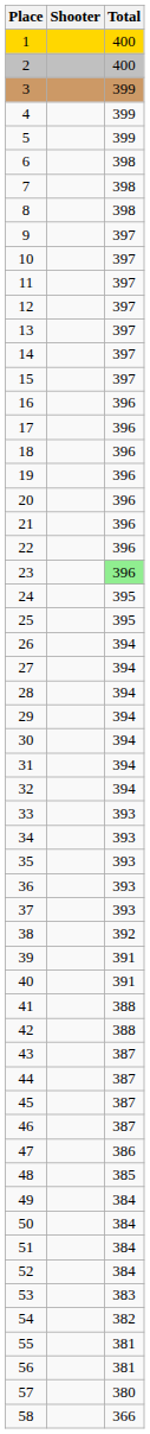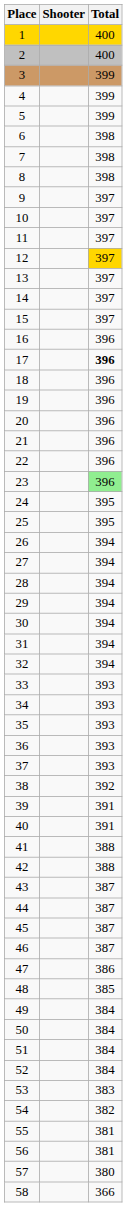 <table class=wikitable style="text-align:center">
 <tr>
 <th>Place</th>
 <th>Shooter</th>
 <th>Total</th>
 </tr>
 <tr align=center bgcolor=gold>
 <td>1</td>
 <td align=left></td>
 <td>400</td>
 </tr>
 <tr align=center bgcolor=silver>
 <td>2</td>
 <td align=left></td>
 <td>400</td>
 </tr>
 <tr align=center bgcolor=cc9966>
 <td>3</td>
 <td align=left></td>
 <td>399</td>
 </tr>
 <tr>
 <td>4</td>
 <td align=left></td>
 <td>399</td>
 </tr>
 <tr>
 <td>5</td>
 <td align=left></td>
 <td>399</td>
 </tr>
 <tr>
 <td>6</td>
 <td align=left></td>
 <td>398</td>
 </tr>
 <tr>
 <td>7</td>
 <td align=left></td>
 <td>398</td>
 </tr>
 <tr>
 <td>8</td>
 <td align=left></td>
 <td>398</td>
 </tr>
 <tr>
 <td>9</td>
 <td align=left></td>
 <td>397</td>
 </tr>
 <tr>
 <td>10</td>
 <td align=left></td>
 <td>397</td>
 </tr>
 <tr>
 <td>11</td>
 <td align=left></td>
 <td>397</td>
 </tr>
 <tr>
 <td>12</td>
 <td align=left></td>
-<td>397</td>
+<td style="background: gold;">397</td>
 </tr>
 <tr>
 <td>13</td>
 <td align=left></td>
 <td>397</td>
 </tr>
 <tr>
 <td>14</td>
 <td align=left></td>
 <td>397</td>
 </tr>
 <tr>
 <td>15</td>
 <td align=left></td>
 <td>397</td>
 </tr>
 <tr>
 <td>16</td>
 <td align=left></td>
 <td>396</td>
 </tr>
 <tr>
 <td>17</td>
 <td align=left></td>
-<td>396</td>
+<td><strong>396</strong></td>
 </tr>
 <tr>
 <td>18</td>
 <td align=left></td>
 <td>396</td>
 </tr>
 <tr>
 <td>19</td>
 <td align=left></td>
 <td>396</td>
 </tr>
 <tr>
 <td>20</td>
 <td align=left></td>
 <td>396</td>
 </tr>
 <tr>
 <td>21</td>
 <td align=left></td>
 <td>396</td>
 </tr>
 <tr>
 <td>22</td>
 <td align=left></td>
 <td>396</td>
 </tr>
 <tr>
 <td>23</td>
 <td align=left></td>
 <td style="background: lightgreen;">396</td>
 </tr>
 <tr>
 <td>24</td>
 <td align=left></td>
 <td>395</td>
 </tr>
 <tr>
 <td>25</td>
 <td align=left></td>
 <td>395</td>
 </tr>
 <tr>
 <td>26</td>
 <td align=left></td>
 <td>394</td>
 </tr>
 <tr>
 <td>27</td>
 <td align=left></td>
 <td>394</td>
 </tr>
 <tr>
 <td>28</td>
 <td align=left></td>
 <td>394</td>
 </tr>
 <tr>
 <td>29</td>
 <td align=left></td>
 <td>394</td>
 </tr>
 <tr>
 <td>30</td>
 <td align=left></td>
 <td>394</td>
 </tr>
 <tr>
 <td>31</td>
 <td align=left></td>
 <td>394</td>
 </tr>
 <tr>
 <td>32</td>
 <td align=left></td>
 <td>394</td>
 </tr>
 <tr>
 <td>33</td>
 <td align=left></td>
 <td>393</td>
 </tr>
 <tr>
 <td>34</td>
 <td align=left></td>
 <td>393</td>
 </tr>
 <tr>
 <td>35</td>
 <td align=left></td>
 <td>393</td>
 </tr>
 <tr>
 <td>36</td>
 <td align=left></td>
 <td>393</td>
 </tr>
 <tr>
 <td>37</td>
 <td align=left></td>
 <td>393</td>
 </tr>
 <tr>
 <td>38</td>
 <td align=left></td>
 <td>392</td>
 </tr>
 <tr>
 <td>39</td>
 <td align=left></td>
 <td>391</td>
 </tr>
 <tr>
 <td>40</td>
 <td align=left></td>
 <td>391</td>
 </tr>
 <tr>
 <td>41</td>
 <td align=left></td>
 <td>388</td>
 </tr>
 <tr>
 <td>42</td>
 <td align=left></td>
 <td>388</td>
 </tr>
 <tr>
 <td>43</td>
 <td align=left></td>
 <td>387</td>
 </tr>
 <tr>
 <td>44</td>
 <td align=left></td>
 <td>387</td>
 </tr>
 <tr>
 <td>45</td>
 <td align=left></td>
 <td>387</td>
 </tr>
 <tr>
 <td>46</td>
 <td align=left></td>
 <td>387</td>
 </tr>
 <tr>
 <td>47</td>
 <td align=left></td>
 <td>386</td>
 </tr>
 <tr>
 <td>48</td>
 <td align=left></td>
 <td>385</td>
 </tr>
 <tr>
 <td>49</td>
 <td align=left></td>
 <td>384</td>
 </tr>
 <tr>
 <td>50</td>
 <td align=left></td>
 <td>384</td>
 </tr>
 <tr>
 <td>51</td>
 <td align=left></td>
 <td>384</td>
 </tr>
 <tr>
 <td>52</td>
 <td align=left></td>
 <td>384</td>
 </tr>
 <tr>
 <td>53</td>
 <td align=left></td>
 <td>383</td>
 </tr>
 <tr>
 <td>54</td>
 <td align=left></td>
 <td>382</td>
 </tr>
 <tr>
 <td>55</td>
 <td align=left></td>
 <td>381</td>
 </tr>
 <tr>
 <td>56</td>
 <td align=left></td>
 <td>381</td>
 </tr>
 <tr>
 <td>57</td>
 <td align=left></td>
 <td>380</td>
 </tr>
 <tr>
 <td>58</td>
 <td align=left></td>
 <td>366</td>
 </tr>
 </table>
